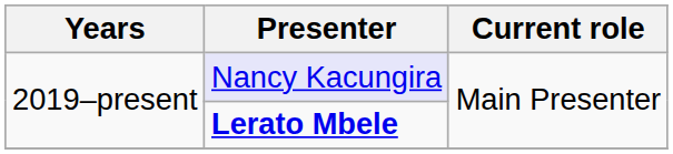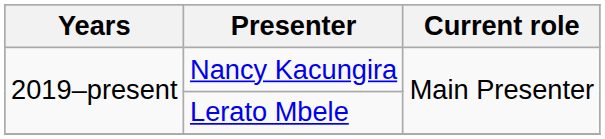 <table class="wikitable">
 <tr>
 <th>Years</th>
 <th>Presenter</th>
 <th>Current role</th>
 </tr>
 <tr>
 <td rowspan="2">2019–present</td>
-<td style="background: lavender;"><a href='#'>Nancy Kacungira</a></td>
+<td><a href='#'>Nancy Kacungira</a></td>
 <td rowspan="2">Main Presenter<br></td>
 </tr>
 <tr>
-<td><strong><a href='#'>Lerato Mbele</a><br></strong></td>
+<td><a href='#'>Lerato Mbele</a><br></td>
 </tr>
 <tr>
 </tr>
 </table>
